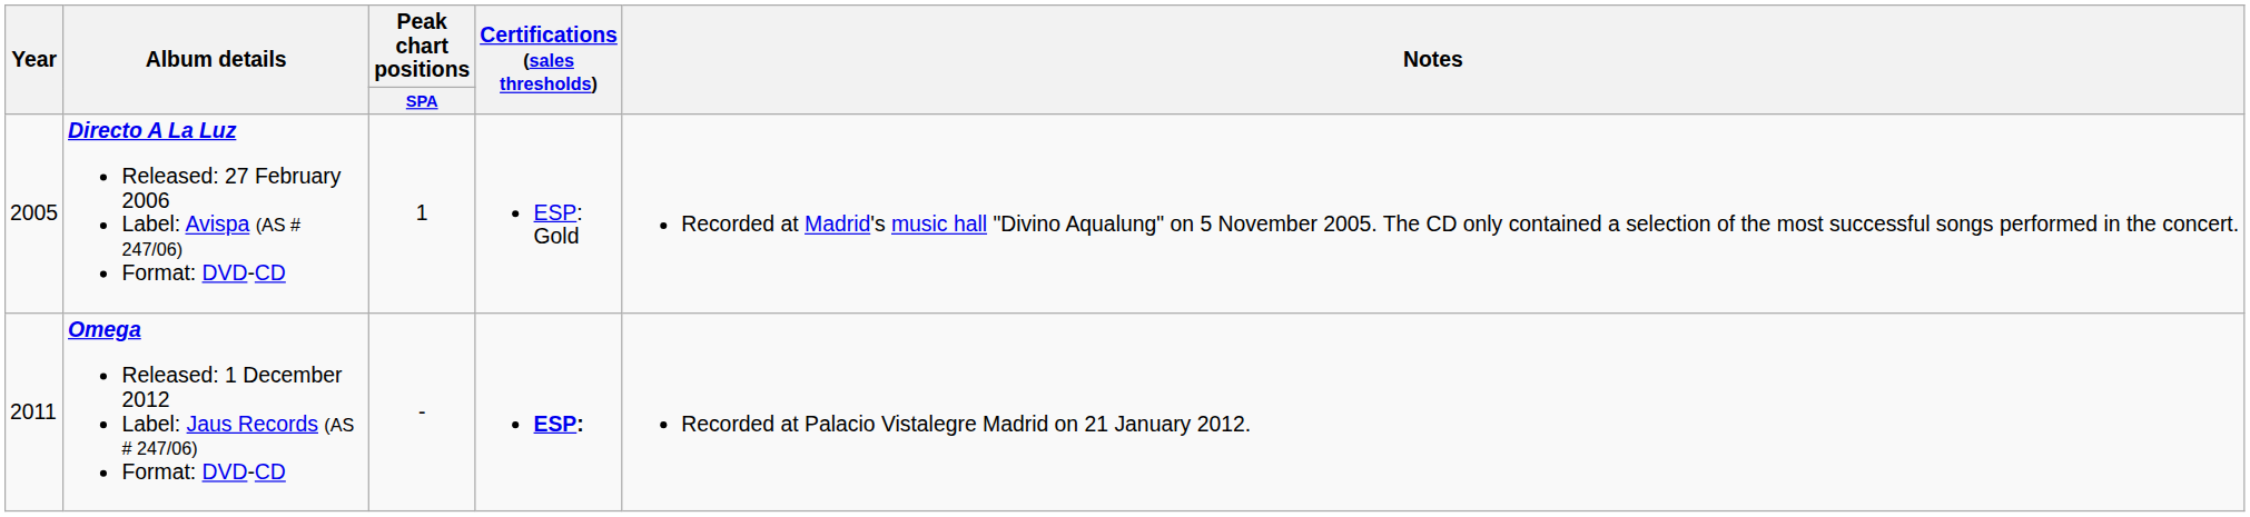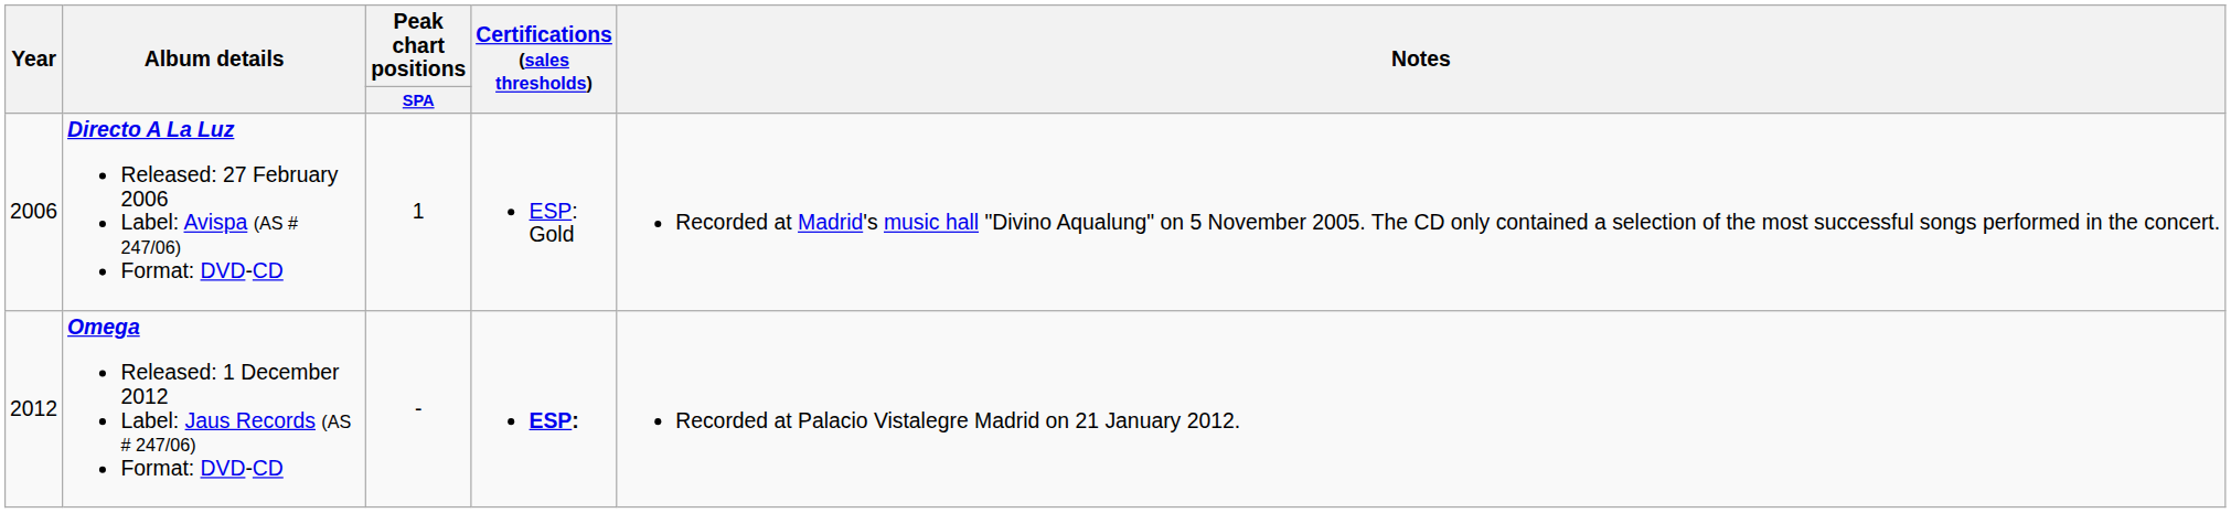 <table class ="wikitable">
 <tr>
 <th rowspan="2">Year</th>
 <th rowspan="2" width="220">Album details</th>
 <th colspan="1">Peak chart positions</th>
 <th rowspan="2" width="95"><a href='#'>Certifications</a><br><small>(<a href='#'>sales thresholds</a>)</small></th>
 <th rowspan="2">Notes</th>
 </tr>
 <tr>
 <th style="width:3em;font-size:75%";center><a href='#'>SPA</a></th>
 </tr>
 <tr>
-<td>2005</td>
+<td>2006</td>
 <td><strong><em><a href='#'>Directo A La Luz</a></em></strong><br><ul><li>Released: 27 February 2006</li><li>Label: <a href='#'>Avispa</a> <small>(AS # 247/06)</small></li><li>Format: <a href='#'>DVD</a>-<a href='#'>CD</a></li></ul></td>
 <td align="center">1</td>
 <td><br><ul><li><a href='#'>ESP</a>: Gold</li></ul></td>
 <td><br><ul><li>Recorded at <a href='#'>Madrid</a>'s <a href='#'>music hall</a> "Divino Aqualung" on 5 November 2005. The CD only contained a selection of the most successful songs performed in the concert.</li></ul></td>
 </tr>
 <tr>
-<td>2011</td>
+<td>2012</td>
 <td><strong><em><a href='#'>Omega</a></em></strong><br><ul><li>Released: 1 December 2012</li><li>Label: <a href='#'>Jaus Records</a> <small>(AS # 247/06)</small></li><li>Format: <a href='#'>DVD</a>-<a href='#'>CD</a></li></ul></td>
 <td align="center">-</td>
 <td><strong><br><ul><li><a href='#'>ESP</a>:</li></ul></strong></td>
 <td><br><ul><li>Recorded at Palacio Vistalegre Madrid on 21 January 2012.</li></ul></td>
 </tr>
 </table>
